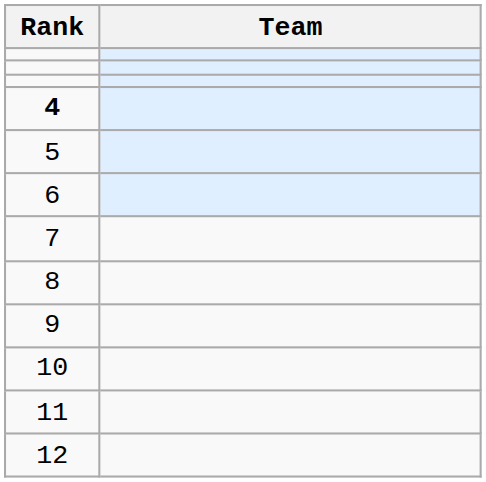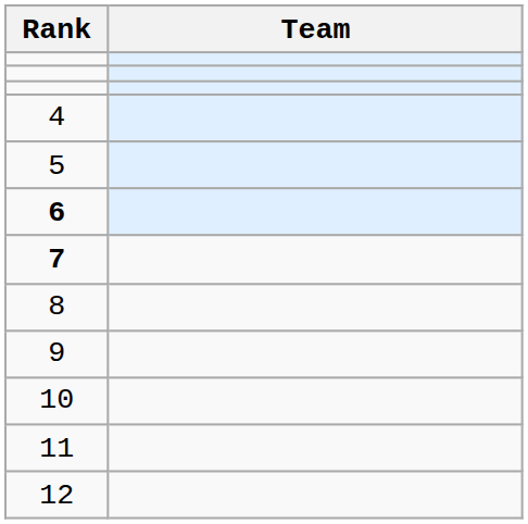 <table class="wikitable" style="text-align: center;">
 <tr>
 <th width=40>Rank</th>
 <th width=180>Team</th>
 </tr>
 <tr align=center>
 <td></td>
 <td style="text-align:left;background:#dfefff;"></td>
 </tr>
 <tr align=center>
 <td></td>
 <td style="text-align:left;background:#dfefff;"></td>
 </tr>
 <tr align=center>
 <td></td>
 <td style="text-align:left;background:#dfefff;"></td>
 </tr>
 <tr align=center>
-<td><strong>4</strong></td>
+<td>4</td>
 <td style="text-align:left;background:#dfefff;"></td>
 </tr>
 <tr align=center>
 <td>5</td>
 <td style="text-align:left;background:#dfefff;"></td>
 </tr>
 <tr align=center>
-<td>6</td>
+<td><strong>6</strong></td>
 <td style="text-align:left;background:#dfefff;"></td>
 </tr>
 <tr align=center>
-<td>7</td>
+<td><strong>7</strong></td>
 <td style="text-align:left;"></td>
 </tr>
 <tr align=center>
 <td>8</td>
 <td style="text-align:left;"></td>
 </tr>
 <tr align=center>
 <td>9</td>
 <td style="text-align:left;"></td>
 </tr>
 <tr align=center>
 <td>10</td>
 <td style="text-align:left;"></td>
 </tr>
 <tr align=center>
 <td>11</td>
 <td style="text-align:left;"></td>
 </tr>
 <tr align=center>
 <td>12</td>
 <td style="text-align:left;"></td>
 </tr>
 </table>
